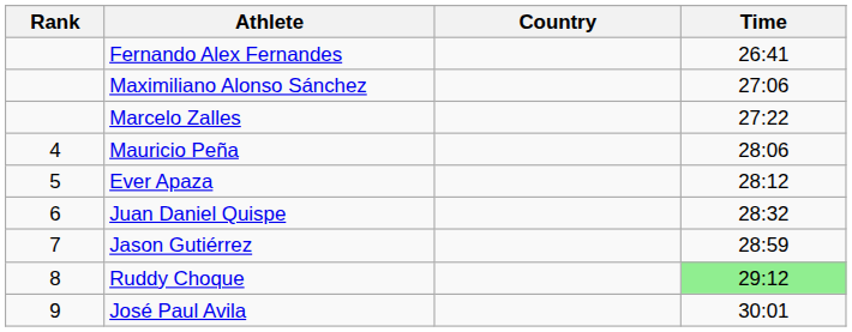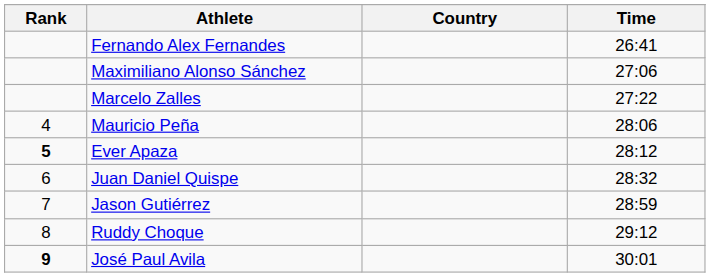 <table class="wikitable sortable" style=" text-align:center; font-size:95%;" width="50%">
 <tr>
 </tr>
 <tr>
 <th width=5%>Rank</th>
 <th width=20%>Athlete</th>
 <th width=15%>Country</th>
 <th width=10%>Time</th>
 </tr>
 <tr>
 <td align=center></td>
 <td align=left><a href='#'>Fernando Alex Fernandes</a></td>
 <td align=left></td>
 <td>26:41</td>
 </tr>
 <tr>
 <td align=center></td>
 <td align=left><a href='#'>Maximiliano Alonso Sánchez</a></td>
 <td align=left></td>
 <td>27:06</td>
 </tr>
 <tr>
 <td align=center></td>
 <td align=left><a href='#'>Marcelo Zalles</a></td>
 <td align=left></td>
 <td>27:22</td>
 </tr>
 <tr>
 <td align=center>4</td>
 <td align=left><a href='#'>Mauricio Peña</a></td>
 <td align=left></td>
 <td>28:06</td>
 </tr>
 <tr>
-<td align=center>5</td>
+<td align=center><strong>5</strong></td>
 <td align=left><a href='#'>Ever Apaza</a></td>
 <td align=left></td>
 <td>28:12</td>
 </tr>
 <tr>
 <td align=center>6</td>
 <td align=left><a href='#'>Juan Daniel Quispe</a></td>
 <td align=left></td>
 <td>28:32</td>
 </tr>
 <tr>
 <td align=center>7</td>
 <td align=left><a href='#'>Jason Gutiérrez</a></td>
 <td align=left></td>
 <td>28:59</td>
 </tr>
 <tr>
 <td align=center>8</td>
 <td align=left><a href='#'>Ruddy Choque</a></td>
 <td align=left></td>
-<td style="background: lightgreen;">29:12</td>
+<td>29:12</td>
 </tr>
 <tr>
-<td align=center>9</td>
+<td align=center><strong>9</strong></td>
 <td align=left><a href='#'>José Paul Avila</a></td>
 <td align=left></td>
 <td>30:01</td>
 </tr>
 </table>
